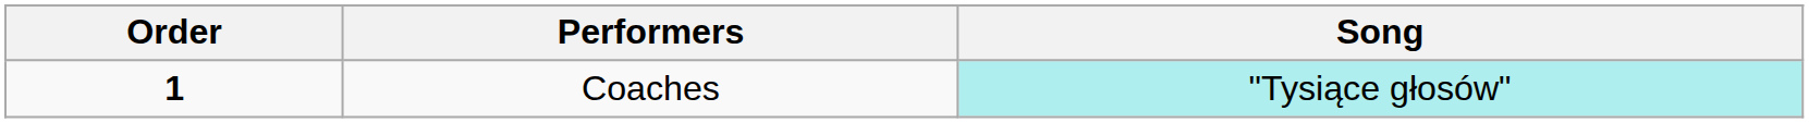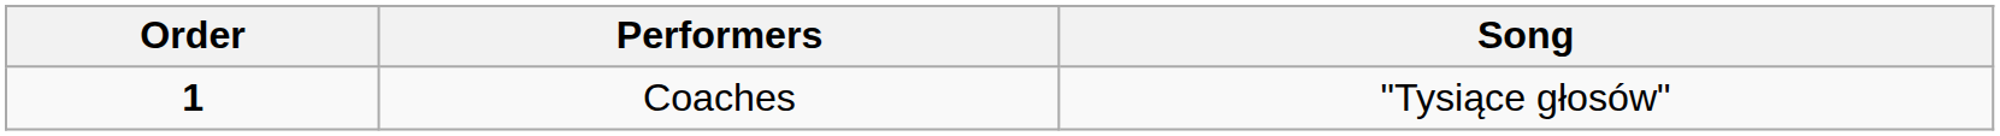 <table class="wikitable" style="text-align:center; width:65%;">
 <tr>
 </tr>
 <tr>
 <th>Order</th>
 <th>Performers</th>
 <th>Song</th>
 </tr>
 <tr>
 <td><strong>1</strong></td>
 <td>Coaches</td>
-<td style="background: paleturquoise;">"Tysiące głosów"</td>
+<td>"Tysiące głosów"</td>
 </tr>
 </table>
